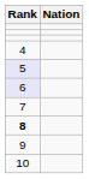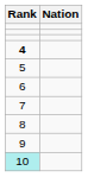 <table class="wikitable sortable">
 <tr>
 <th>Rank</th>
 <th>Nation</th>
 </tr>
 <tr>
 <td align=center></td>
 <td></td>
 </tr>
 <tr>
 <td align=center></td>
 <td></td>
 </tr>
 <tr>
 <td align=center></td>
 <td></td>
 </tr>
 <tr>
-<td align=center>4</td>
+<td align=center><strong>4</strong></td>
 <td></td>
 </tr>
 <tr>
-<td align=center style="background: lavender;">5</td>
+<td align=center>5</td>
 <td></td>
 </tr>
 <tr>
-<td align=center style="background: lavender;">6</td>
+<td align=center>6</td>
 <td></td>
 </tr>
 <tr>
 <td align=center>7</td>
 <td></td>
 </tr>
 <tr>
-<td align=center><strong>8</strong></td>
+<td align=center>8</td>
 <td></td>
 </tr>
 <tr>
 <td align=center>9</td>
 <td></td>
 </tr>
 <tr>
-<td align=center>10</td>
+<td align=center style="background: paleturquoise;">10</td>
 <td></td>
 </tr>
 </table>
